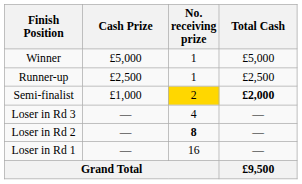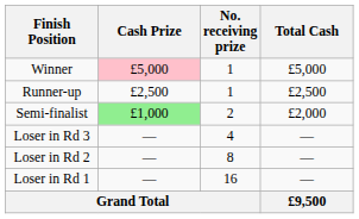 <table class="wikitable" style="text-align:center;">
 <tr>
 <th width=100 abbr="Finish Position">Finish Position</th>
 <th width=110 abbr="Cash Prize">Cash Prize</th>
 <th width=50 abbr="No. receiving prize">No. receiving prize</th>
 <th width=100 abbr="Total Cash">Total Cash</th>
 </tr>
 <tr>
 <td>Winner</td>
-<td>£5,000</td>
+<td style="background: pink;">£5,000</td>
 <td>1</td>
 <td>£5,000</td>
 </tr>
 <tr>
 <td>Runner-up</td>
 <td>£2,500</td>
 <td>1</td>
 <td>£2,500</td>
 </tr>
 <tr>
 <td>Semi-finalist</td>
-<td>£1,000</td>
-<td style="background: gold;">2</td>
-<td><strong>£2,000</strong></td>
+<td style="background: lightgreen;">£1,000</td>
+<td>2</td>
+<td>£2,000</td>
 </tr>
 <tr>
 <td>Loser in Rd 3</td>
 <td>—</td>
 <td>4</td>
 <td>—</td>
 </tr>
 <tr>
 <td>Loser in Rd 2</td>
 <td>—</td>
-<td><strong>8</strong></td>
+<td>8</td>
 <td>—</td>
 </tr>
 <tr>
 <td>Loser in Rd 1</td>
 <td>—</td>
 <td>16</td>
 <td>—</td>
 </tr>
 <tr>
 <th colspan="3">Grand Total</th>
 <th>£9,500</th>
 </tr>
 </table>
